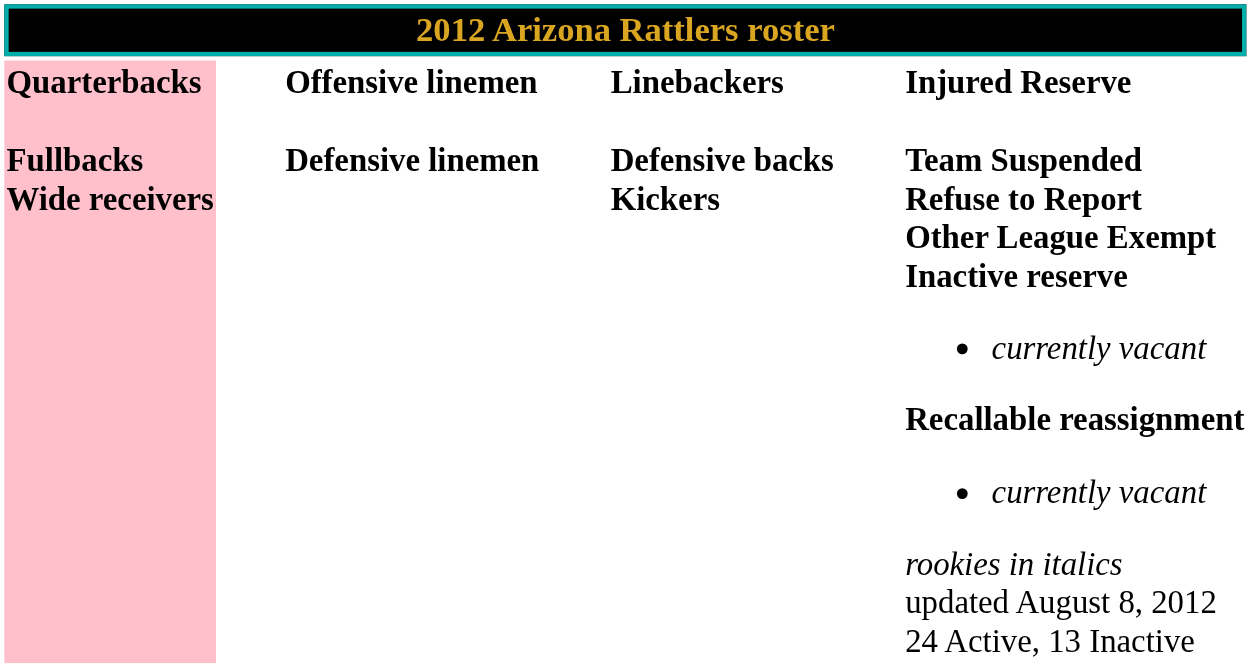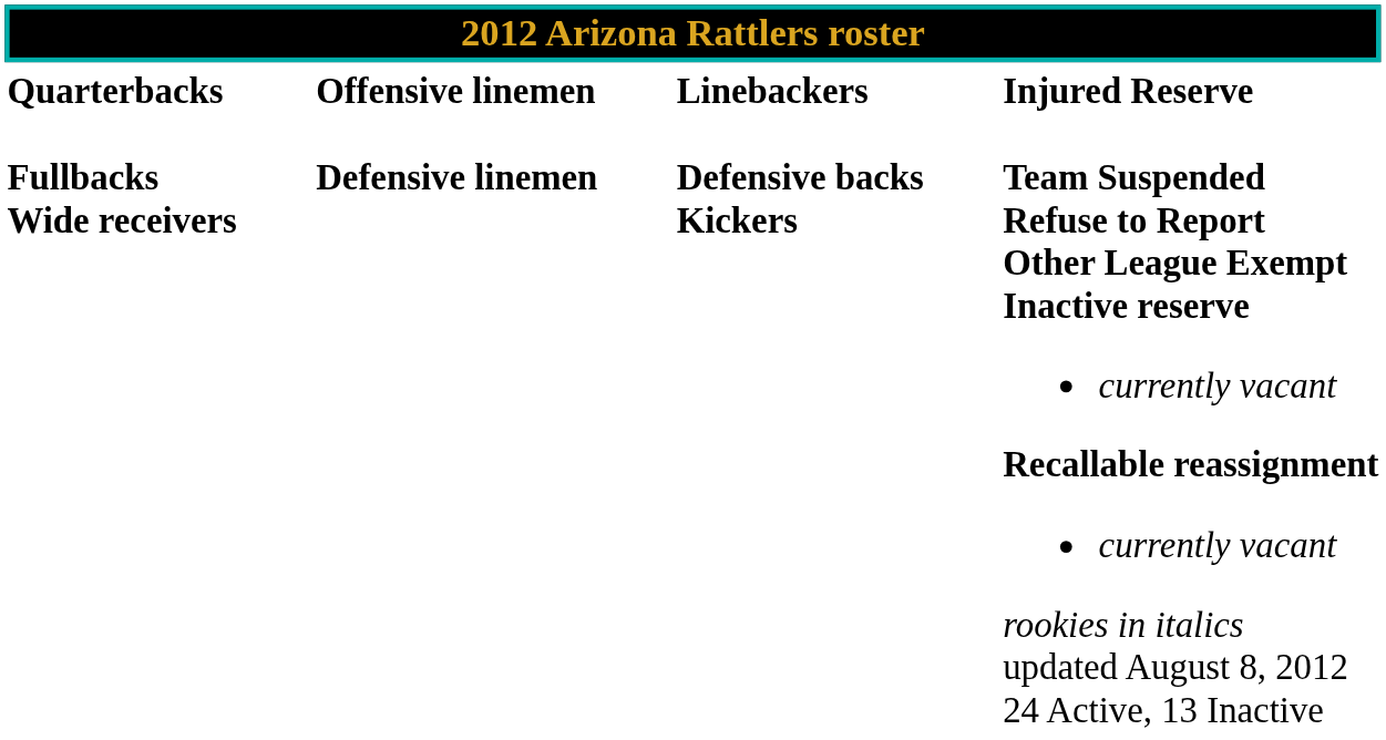 <table class="toccolours" style="text-align: left;">
 <tr>
 <th colspan=7 style="background:#000; border: 2px solid #00ADA9; color:#DAA520; text-align:center;"><strong>2012 Arizona Rattlers roster</strong></th>
 </tr>
 <tr>
-<td style="background: pink; font-size: 95%;" valign="top"><strong>Quarterbacks</strong><br> <br><strong>Fullbacks</strong> <br><strong>Wide receivers</strong>    </td>
+<td style="font-size: 95%;" valign="top"><strong>Quarterbacks</strong><br> <br><strong>Fullbacks</strong> <br><strong>Wide receivers</strong>    </td>
 <td style="width: 25px;"></td>
 <td style="font-size: 95%;" valign="top"><strong>Offensive linemen</strong><br>    <br><strong>Defensive linemen</strong>    </td>
 <td style="width: 25px;"></td>
 <td style="font-size: 95%;" valign="top"><strong>Linebackers</strong><br> <br><strong>Defensive backs</strong>     <br><strong>Kickers</strong> </td>
 <td style="width: 25px;"></td>
 <td style="font-size: 95%;" valign="top"><strong>Injured Reserve</strong><br>     <br><strong>Team Suspended</strong>   <br><strong>Refuse to Report</strong>  <br><strong>Other League Exempt</strong>  <br><strong>Inactive reserve</strong><ul><li><em>currently vacant</em></li></ul><strong>Recallable reassignment</strong><ul><li><em>currently vacant</em></li></ul> <em>rookies in italics</em><br> <span></span> updated August 8, 2012<br> 24 Active, 13 Inactive </td>
 </tr>
 <tr>
 </tr>
 </table>
